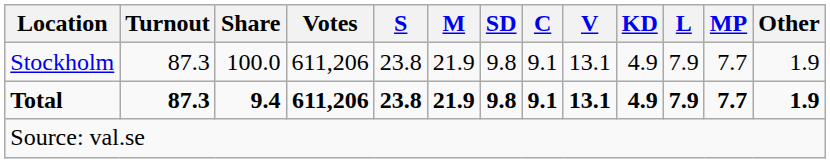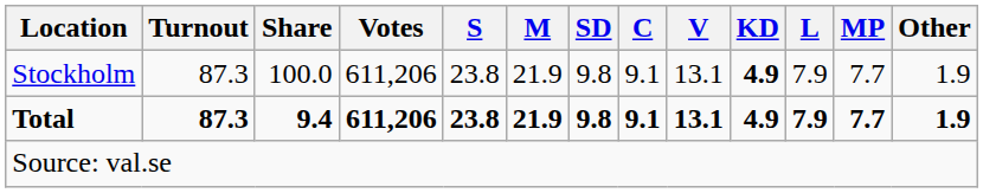 <table class="wikitable sortable" style=text-align:right>
 <tr>
 <th>Location</th>
 <th>Turnout</th>
 <th>Share</th>
 <th>Votes</th>
 <th><a href='#'>S</a></th>
 <th><a href='#'>M</a></th>
 <th><a href='#'>SD</a></th>
 <th><a href='#'>C</a></th>
 <th><a href='#'>V</a></th>
 <th><a href='#'>KD</a></th>
 <th><a href='#'>L</a></th>
 <th><a href='#'>MP</a></th>
 <th>Other</th>
 </tr>
 <tr>
 <td align=left><a href='#'>Stockholm</a></td>
 <td>87.3</td>
 <td>100.0</td>
 <td>611,206</td>
 <td>23.8</td>
 <td>21.9</td>
 <td>9.8</td>
 <td>9.1</td>
 <td>13.1</td>
-<td>4.9</td>
+<td><strong>4.9</strong></td>
 <td>7.9</td>
 <td>7.7</td>
 <td>1.9</td>
 </tr>
 <tr>
 <td align=left><strong>Total</strong></td>
 <td><strong>87.3</strong></td>
 <td><strong>9.4</strong></td>
 <td><strong>611,206</strong></td>
 <td><strong>23.8</strong></td>
 <td><strong>21.9</strong></td>
 <td><strong>9.8</strong></td>
 <td><strong>9.1</strong></td>
 <td><strong>13.1</strong></td>
 <td><strong>4.9</strong></td>
 <td><strong>7.9</strong></td>
 <td><strong>7.7</strong></td>
 <td><strong>1.9</strong></td>
 </tr>
 <tr>
 <td align=left colspan=13>Source: val.se</td>
 </tr>
 </table>
